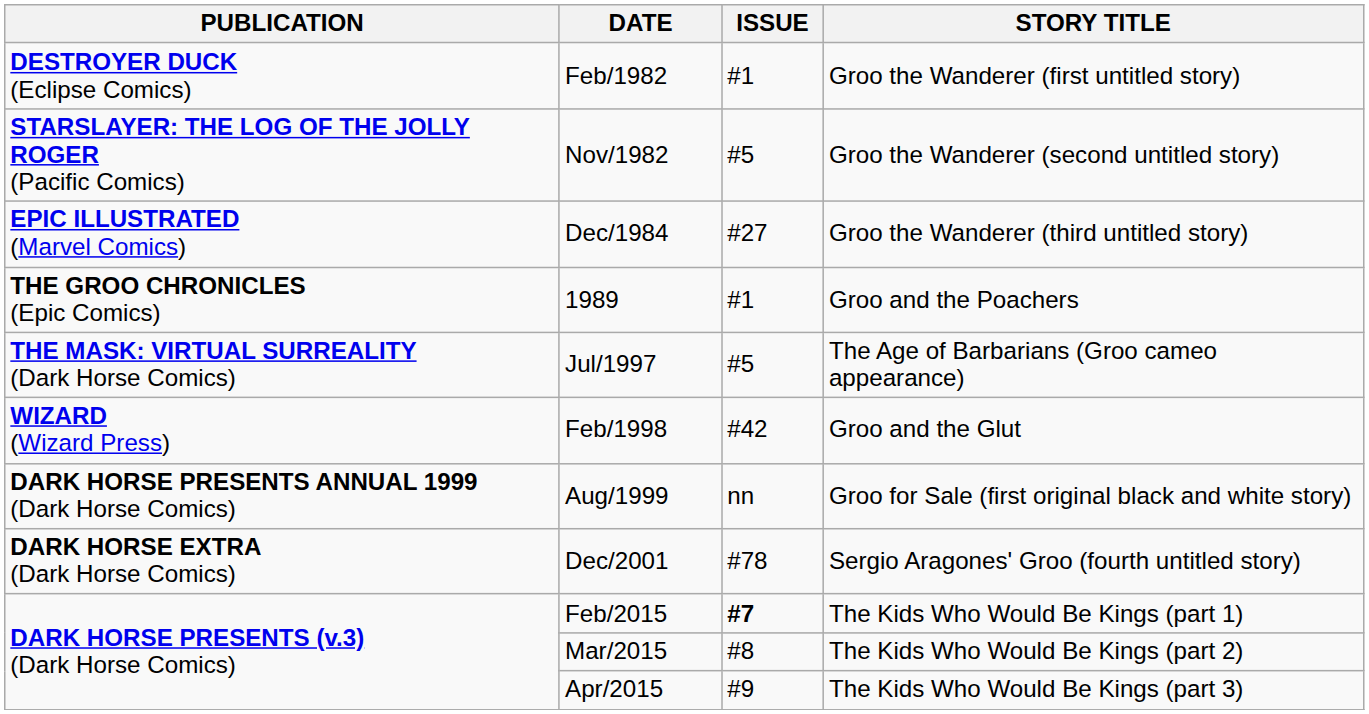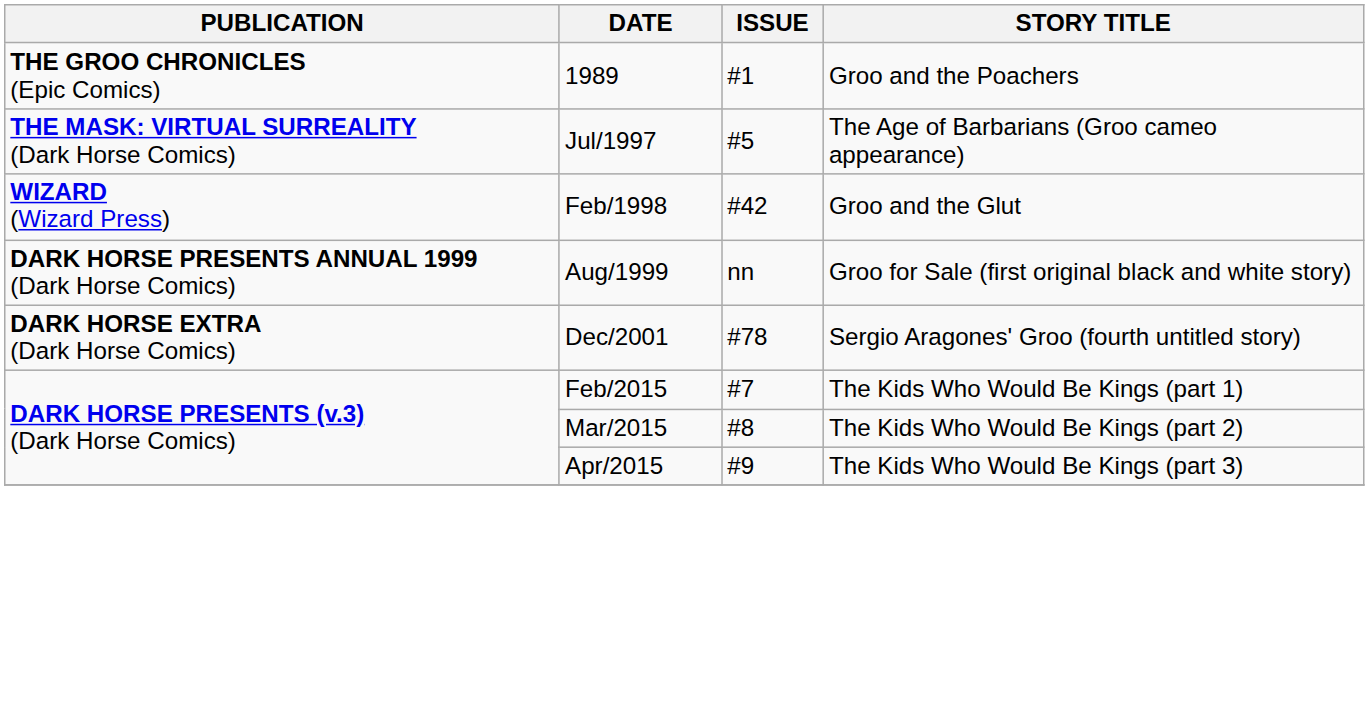 <table class="wikitable">
 <tr>
 <th width="360"><strong>PUBLICATION</strong></th>
 <th width="100"><strong>DATE</strong></th>
 <th width="60"><strong>ISSUE</strong></th>
 <th width="350"><strong>STORY TITLE</strong></th>
-</tr>
-<tr>
-<td><strong><a href='#'>DESTROYER DUCK</a></strong><br>(Eclipse Comics)</td>
-<td>Feb/1982</td>
-<td>#1</td>
-<td>Groo the Wanderer (first untitled story)</td>
-</tr>
-<tr>
-<td><strong><a href='#'>STARSLAYER: THE LOG OF THE JOLLY ROGER</a></strong><br>(Pacific Comics)</td>
-<td>Nov/1982</td>
-<td>#5</td>
-<td>Groo the Wanderer (second untitled story)</td>
-</tr>
-<tr>
-<td><strong><a href='#'>EPIC ILLUSTRATED</a></strong><br>(<a href='#'>Marvel Comics</a>)</td>
-<td>Dec/1984</td>
-<td>#27</td>
-<td>Groo the Wanderer (third untitled story)</td>
 </tr>
 <tr>
 <td><strong>THE GROO CHRONICLES</strong><br>(Epic Comics)</td>
 <td>1989</td>
 <td>#1</td>
 <td>Groo and the Poachers</td>
 </tr>
 <tr>
 <td><strong><a href='#'>THE MASK: VIRTUAL SURREALITY</a></strong><br>(Dark Horse Comics)</td>
 <td>Jul/1997</td>
 <td>#5</td>
 <td>The Age of Barbarians (Groo cameo appearance)</td>
 </tr>
 <tr>
 <td><strong><a href='#'>WIZARD</a></strong><br>(<a href='#'>Wizard Press</a>)</td>
 <td>Feb/1998</td>
 <td>#42</td>
 <td>Groo and the Glut</td>
 </tr>
 <tr>
 <td><strong>DARK HORSE PRESENTS ANNUAL 1999</strong><br>(Dark Horse Comics)</td>
 <td>Aug/1999</td>
 <td>nn</td>
 <td>Groo for Sale (first original black and white story)</td>
 </tr>
 <tr>
 <td><strong>DARK HORSE EXTRA</strong><br>(Dark Horse Comics)</td>
 <td>Dec/2001</td>
 <td>#78</td>
 <td>Sergio Aragones' Groo (fourth untitled story)</td>
 </tr>
 <tr>
 <td rowspan=3><strong><a href='#'>DARK HORSE PRESENTS (v.3)</a></strong><br>(Dark Horse Comics)</td>
 <td>Feb/2015</td>
-<td><strong>#7</strong></td>
+<td>#7</td>
 <td>The Kids Who Would Be Kings (part 1)</td>
 </tr>
 <tr>
 <td>Mar/2015</td>
 <td>#8</td>
 <td>The Kids Who Would Be Kings (part 2)</td>
 </tr>
 <tr>
 <td>Apr/2015</td>
 <td>#9</td>
 <td>The Kids Who Would Be Kings (part 3)</td>
 </tr>
 <tr>
 </tr>
 </table>
